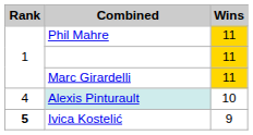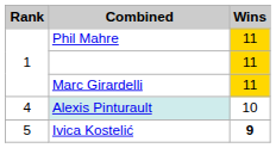 <table class="wikitable plainrowheaders" style="background:#fff; font-size:86%; line-height:16px; border:grey solid 1px; border-collapse:collapse">
 <tr>
 <th style="background-color: #ccc;" width="30">Rank</th>
 <th style="background-color: #ccc;" width="160">Combined</th>
 <th style="background:#ccc; width:15%">Wins</th>
 </tr>
 <tr>
 <td rowspan=3 align=center>1</td>
 <td> <a href='#'>Phil Mahre</a></td>
 <td style="background-color: gold" align=center>11</td>
 </tr>
 <tr>
 <td></td>
 <td style="background-color: gold" align=center>11</td>
 </tr>
 <tr>
 <td> <a href='#'>Marc Girardelli</a></td>
 <td style="background-color: gold" align=center>11</td>
 </tr>
 <tr>
 <td align=center>4</td>
 <td style="background:#CFECEC"> <a href='#'>Alexis Pinturault</a></td>
 <td align=center>10</td>
 </tr>
 <tr>
-<td align=center><strong>5</strong></td>
+<td align=center>5</td>
 <td> <a href='#'>Ivica Kostelić</a></td>
-<td align=center>9</td>
+<td align=center><strong>9</strong></td>
 </tr>
 </table>
